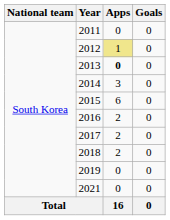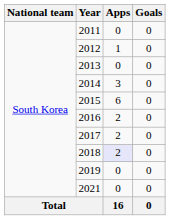 <table class="wikitable" style="text-align:center">
 <tr>
 <th>National team</th>
 <th>Year</th>
 <th>Apps</th>
 <th>Goals</th>
 </tr>
 <tr>
 <td rowspan="10"><a href='#'>South Korea</a></td>
 <td>2011</td>
 <td>0</td>
 <td>0</td>
 </tr>
 <tr>
 <td>2012</td>
-<td style="background: khaki;">1</td>
+<td>1</td>
 <td>0</td>
 </tr>
 <tr>
 <td>2013</td>
-<td><strong>0</strong></td>
+<td>0</td>
 <td>0</td>
 </tr>
 <tr>
 <td>2014</td>
 <td>3</td>
 <td>0</td>
 </tr>
 <tr>
 <td>2015</td>
 <td>6</td>
 <td>0</td>
 </tr>
 <tr>
 <td>2016</td>
 <td>2</td>
 <td>0</td>
 </tr>
 <tr>
 <td>2017</td>
 <td>2</td>
 <td>0</td>
 </tr>
 <tr>
 <td>2018</td>
-<td>2</td>
+<td style="background: lavender;">2</td>
 <td>0</td>
 </tr>
 <tr>
 <td>2019</td>
 <td>0</td>
 <td>0</td>
 </tr>
 <tr>
 <td>2021</td>
 <td>0</td>
 <td>0</td>
 </tr>
 <tr>
 <th colspan="2">Total</th>
 <th>16</th>
 <th>0</th>
 </tr>
 </table>
